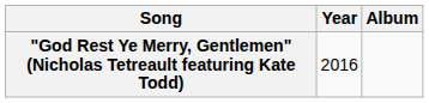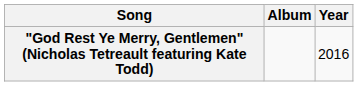 <table class="wikitable plainrowheaders" style="text-align:center;" border="1">
 <tr>
 <th scope="col" style="width:18em;">Song</th>
+<th scope="col">Album</th>
 <th scope="col">Year</th>
-<th scope="col">Album</th>
 </tr>
 <tr>
 <th scope="row">"God Rest Ye Merry, Gentlemen"<br><span>(Nicholas Tetreault featuring Kate Todd)</span></th>
+<td></td>
 <td>2016</td>
-<td></td>
 </tr>
 </table>
